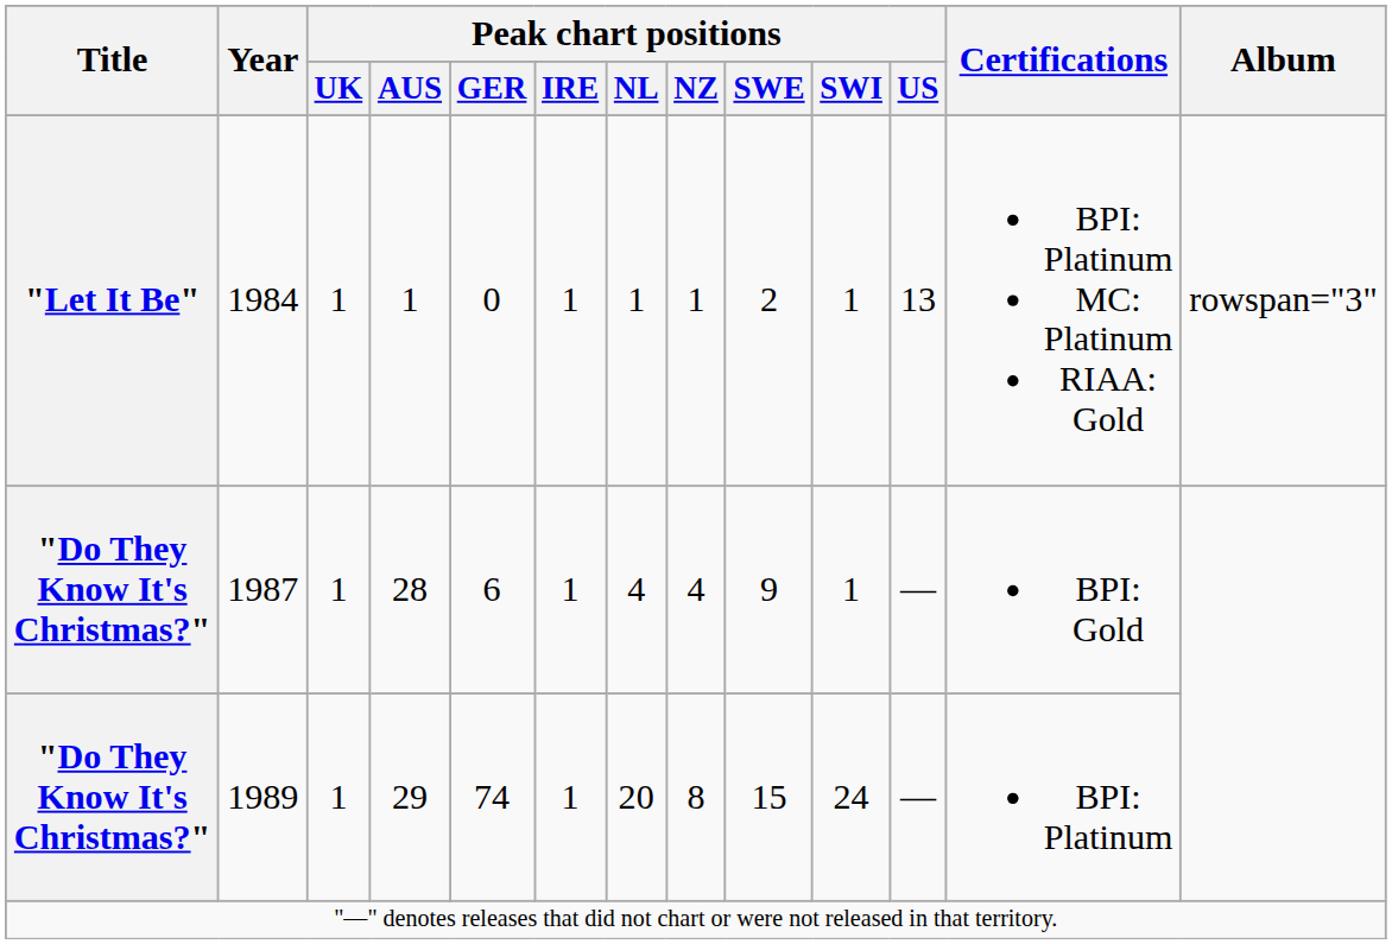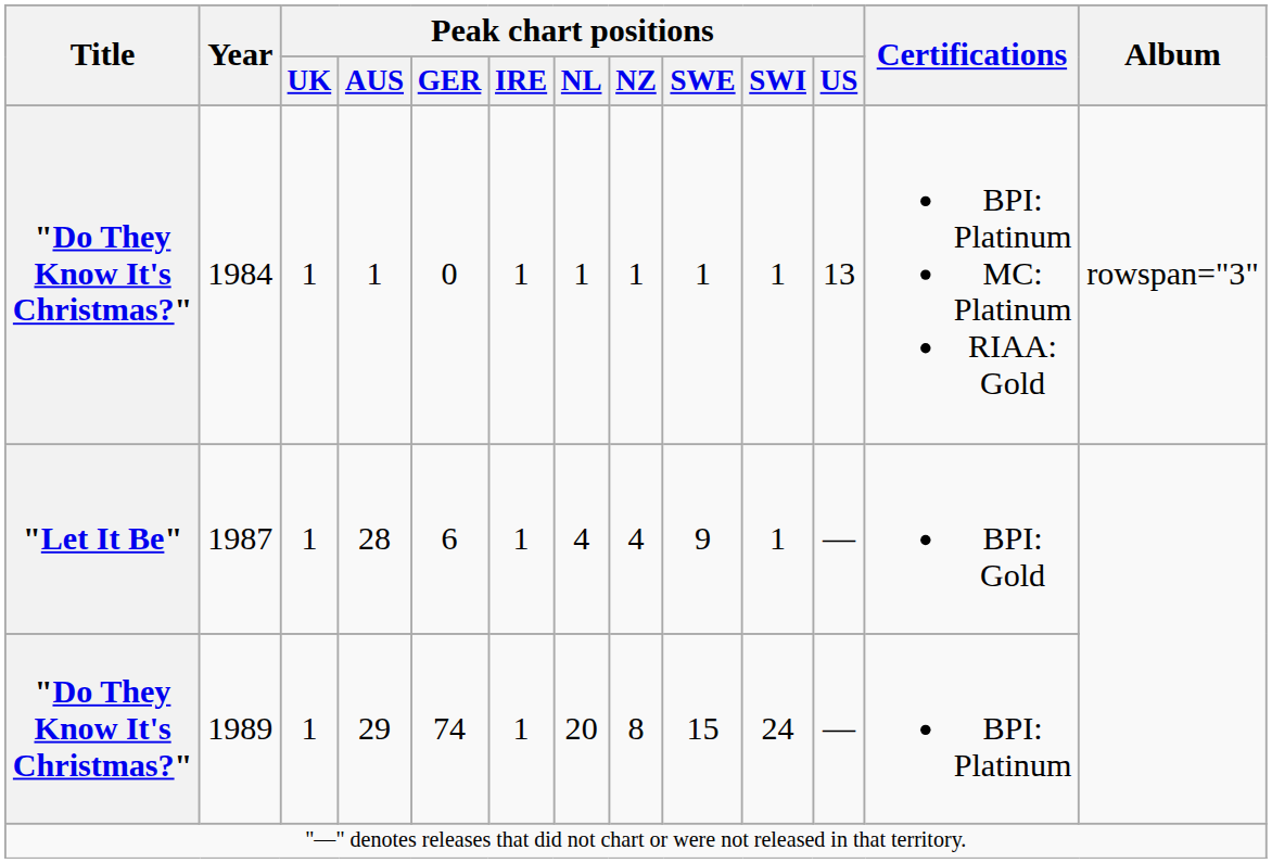 <table class="wikitable plainrowheaders" style="text-align:center;">
 <tr>
 <th scope="col" rowspan="2" style="width:16em;">Title</th>
 <th scope="col" rowspan="2">Year</th>
 <th scope="col" colspan="9">Peak chart positions</th>
 <th scope="col" rowspan="2"><a href='#'>Certifications</a></th>
 <th scope="col" rowspan="2">Album</th>
 </tr>
 <tr>
 <th scope="col" style="width:2.5em;font-size:90%;"><a href='#'>UK</a><br></th>
 <th scope="col" style="width:2.5em;font-size:90%;"><a href='#'>AUS</a><br></th>
 <th scope="col" style="width:2.5em;font-size:90%;"><a href='#'>GER</a><br></th>
 <th scope="col" style="width:2.5em;font-size:90%;"><a href='#'>IRE</a><br></th>
 <th scope="col" style="width:2.5em;font-size:90%;"><a href='#'>NL</a><br></th>
 <th scope="col" style="width:2.5em;font-size:90%;"><a href='#'>NZ</a><br></th>
 <th scope="col" style="width:2.5em;font-size:90%;"><a href='#'>SWE</a><br></th>
 <th scope="col" style="width:2.5em;font-size:90%;"><a href='#'>SWI</a><br></th>
 <th scope="col" style="width:2.5em;font-size:90%;"><a href='#'>US</a><br></th>
 </tr>
 <tr>
-<th scope="row">"<a href='#'>Let It Be</a>" <br></th>
+<th scope="row">"<a href='#'>Do They Know It's Christmas?</a>" <br></th>
 <td>1984</td>
 <td>1</td>
 <td>1</td>
 <td>0</td>
 <td>1</td>
 <td>1</td>
 <td>1</td>
-<td>2</td>
+<td>1</td>
 <td>1</td>
 <td>13</td>
 <td><br><ul><li>BPI: Platinum</li><li>MC: Platinum</li><li>RIAA: Gold</li></ul></td>
 <td>rowspan="3" </td>
 </tr>
 <tr>
-<th scope="row">"<a href='#'>Do They Know It's Christmas?</a>" <br></th>
+<th scope="row">"<a href='#'>Let It Be</a>" <br></th>
 <td>1987</td>
 <td>1</td>
 <td>28</td>
 <td>6</td>
 <td>1</td>
 <td>4</td>
 <td>4</td>
 <td>9</td>
 <td>1</td>
 <td>—</td>
 <td><br><ul><li>BPI: Gold</li></ul></td>
 </tr>
 <tr>
 <th scope="row">"<a href='#'>Do They Know It's Christmas?</a>" <br></th>
 <td>1989</td>
 <td>1</td>
 <td>29</td>
 <td>74</td>
 <td>1</td>
 <td>20</td>
 <td>8</td>
 <td>15</td>
 <td>24</td>
 <td>—</td>
 <td><br><ul><li>BPI: Platinum</li></ul></td>
 </tr>
 <tr>
 <td align="center" colspan="15" style="font-size:8pt">"—" denotes releases that did not chart or were not released in that territory.</td>
 </tr>
 </table>
